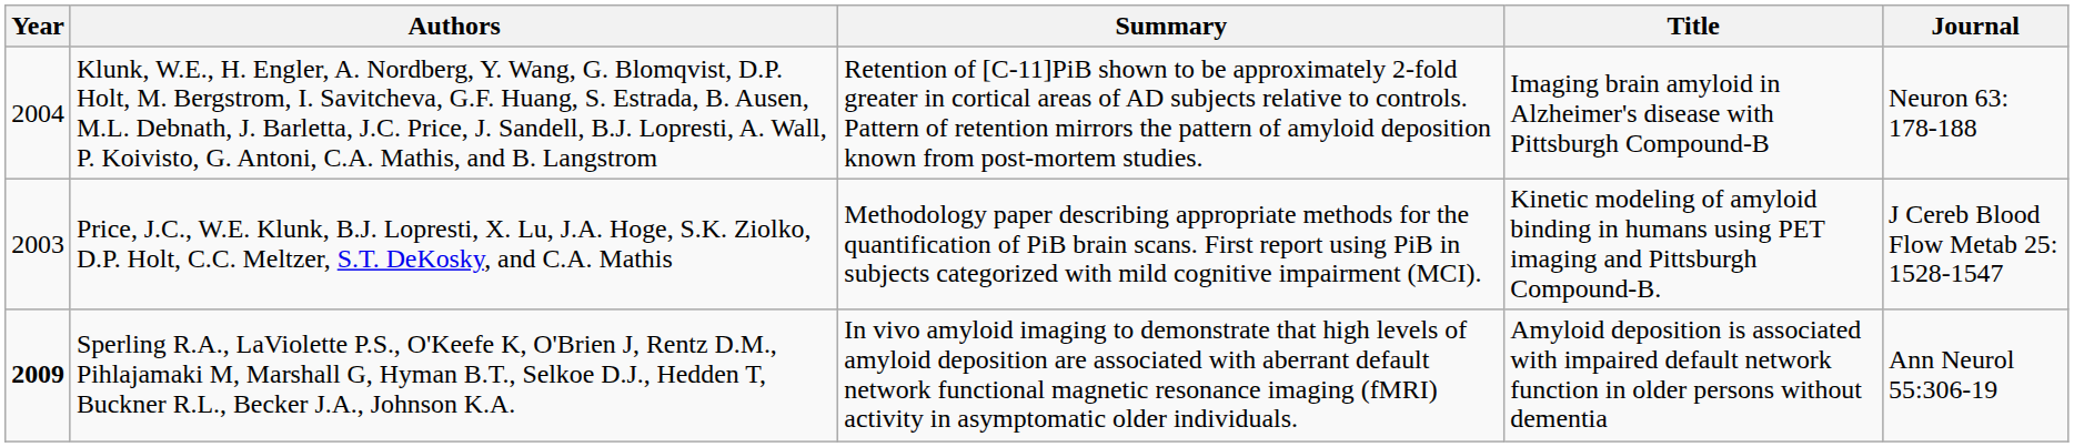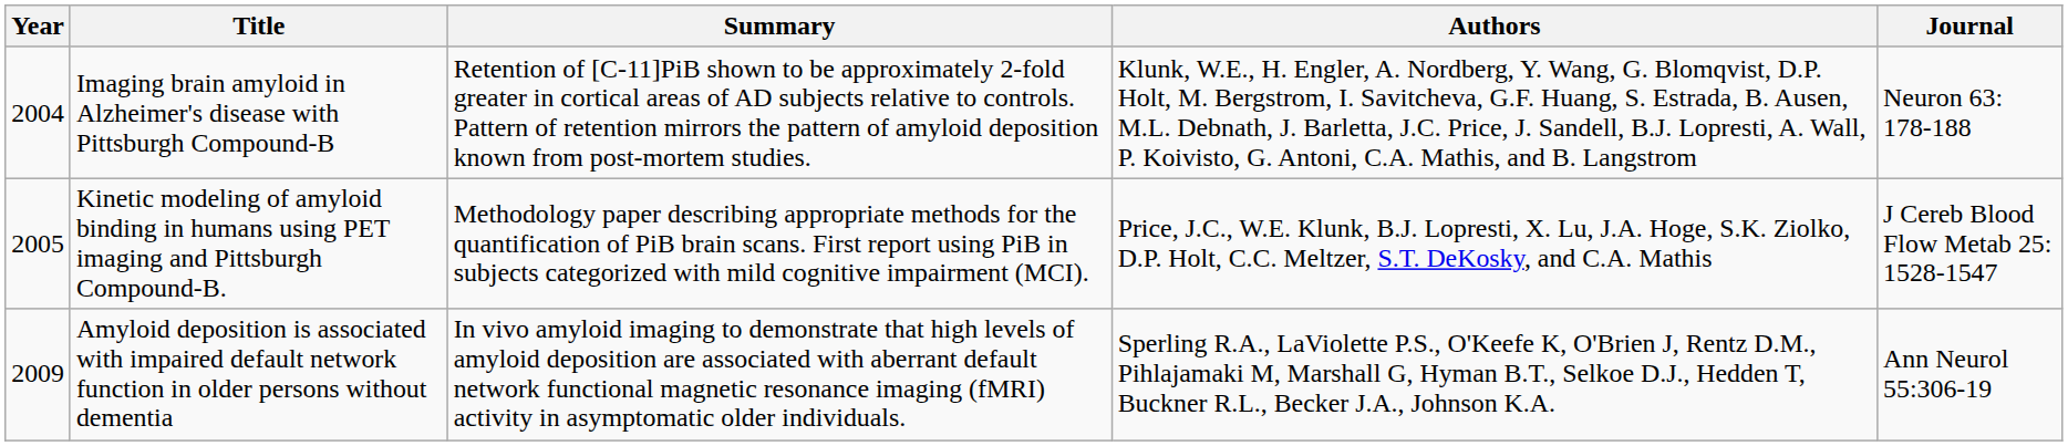 <table class="wikitable">
 <tr>
 <th>Year</th>
+<th>Title</th>
+<th>Summary</th>
 <th>Authors</th>
-<th>Summary</th>
-<th>Title</th>
 <th>Journal</th>
 </tr>
 <tr>
 <td>2004</td>
+<td>Imaging brain amyloid in Alzheimer's disease with Pittsburgh Compound-B</td>
+<td>Retention of [C-11]PiB shown to be approximately 2-fold greater in cortical areas of AD subjects relative to controls. Pattern of retention mirrors the pattern of amyloid deposition known from post-mortem studies.</td>
 <td>Klunk, W.E., H. Engler, A. Nordberg, Y. Wang, G. Blomqvist, D.P. Holt, M. Bergstrom, I. Savitcheva, G.F. Huang, S. Estrada, B. Ausen, M.L. Debnath, J. Barletta, J.C. Price, J. Sandell, B.J. Lopresti, A. Wall, P. Koivisto, G. Antoni, C.A. Mathis, and B. Langstrom</td>
-<td>Retention of [C-11]PiB shown to be approximately 2-fold greater in cortical areas of AD subjects relative to controls. Pattern of retention mirrors the pattern of amyloid deposition known from post-mortem studies.</td>
-<td>Imaging brain amyloid in Alzheimer's disease with Pittsburgh Compound-B</td>
 <td>Neuron 63: 178-188</td>
 </tr>
 <tr>
-<td>2003</td>
+<td>2005</td>
+<td>Kinetic modeling of amyloid binding in humans using PET imaging and Pittsburgh Compound-B.</td>
+<td>Methodology paper describing appropriate methods for the quantification of PiB brain scans. First report using PiB in subjects categorized with mild cognitive impairment (MCI).</td>
 <td>Price, J.C., W.E. Klunk, B.J. Lopresti, X. Lu, J.A. Hoge, S.K. Ziolko, D.P. Holt, C.C. Meltzer, <a href='#'>S.T. DeKosky</a>, and C.A. Mathis</td>
-<td>Methodology paper describing appropriate methods for the quantification of PiB brain scans. First report using PiB in subjects categorized with mild cognitive impairment (MCI).</td>
-<td>Kinetic modeling of amyloid binding in humans using PET imaging and Pittsburgh Compound-B.</td>
 <td>J Cereb Blood Flow Metab 25: 1528-1547</td>
 </tr>
 <tr>
-<td><strong>2009</strong></td>
+<td>2009</td>
+<td>Amyloid deposition is associated with impaired default network function in older persons without dementia</td>
+<td>In vivo amyloid imaging to demonstrate that high levels of amyloid deposition are associated with aberrant default network functional magnetic resonance imaging (fMRI) activity in asymptomatic older individuals.</td>
 <td>Sperling R.A., LaViolette P.S., O'Keefe K, O'Brien J, Rentz D.M., Pihlajamaki M, Marshall G, Hyman B.T., Selkoe D.J., Hedden T, Buckner R.L., Becker J.A., Johnson K.A.</td>
-<td>In vivo amyloid imaging to demonstrate that high levels of amyloid deposition are associated with aberrant default network functional magnetic resonance imaging (fMRI) activity in asymptomatic older individuals.</td>
-<td>Amyloid deposition is associated with impaired default network function in older persons without dementia</td>
 <td>Ann Neurol 55:306-19</td>
 </tr>
 </table>
